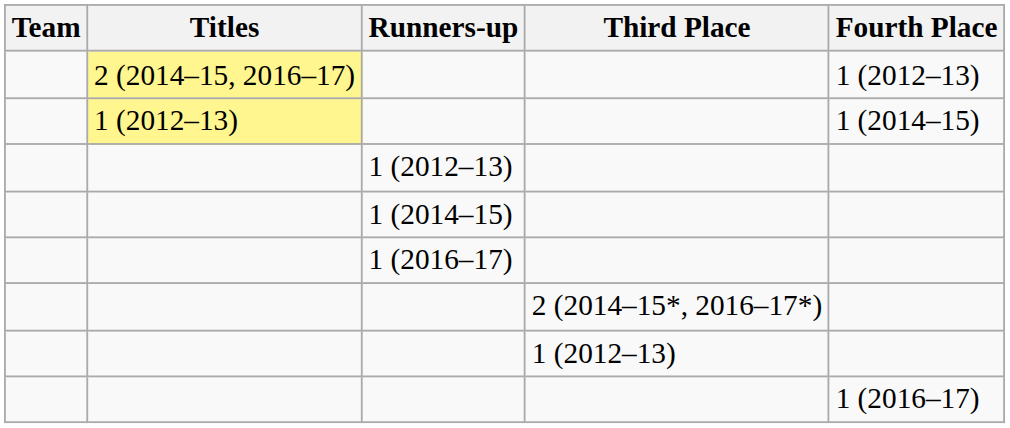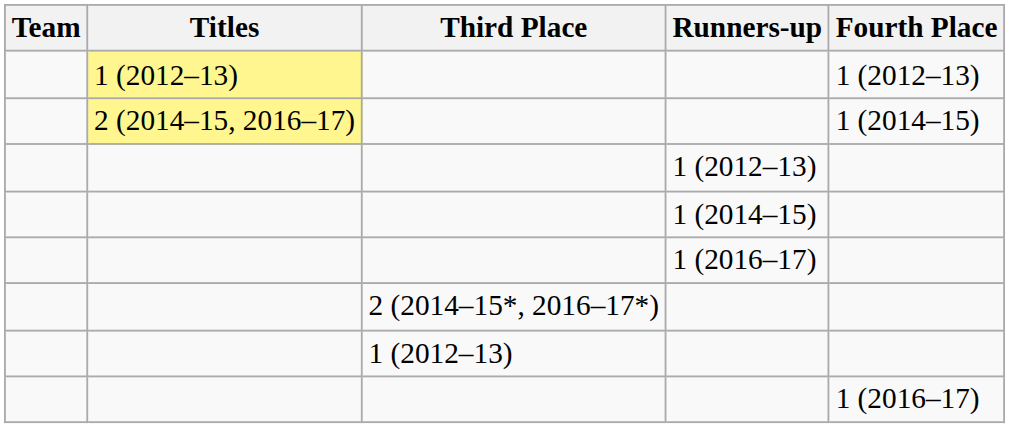 <table class=wikitable>
 <tr>
 <th>Team</th>
 <th>Titles</th>
+<th>Third Place</th>
 <th>Runners-up</th>
-<th>Third Place</th>
 <th>Fourth Place</th>
+</tr>
+<tr>
+<td></td>
+<td style=background:#FFF68F>1 (2012–13)</td>
+<td></td>
+<td></td>
+<td>1 (2012–13)</td>
 </tr>
 <tr>
 <td></td>
 <td style=background:#FFF68F>2 (2014–15, 2016–17)</td>
 <td></td>
 <td></td>
-<td>1 (2012–13)</td>
-</tr>
-<tr>
-<td></td>
-<td style=background:#FFF68F>1 (2012–13)</td>
-<td></td>
-<td></td>
 <td>1 (2014–15)</td>
-</tr>
-<tr>
-<td></td>
-<td></td>
-<td>1 (2012–13)</td>
-<td></td>
-<td></td>
-</tr>
-<tr>
-<td></td>
-<td></td>
-<td>1 (2014–15)</td>
-<td></td>
-<td></td>
-</tr>
-<tr>
-<td></td>
-<td></td>
-<td>1 (2016–17)</td>
-<td></td>
-<td></td>
-</tr>
-<tr>
-<td></td>
-<td></td>
-<td></td>
-<td>2 (2014–15*, 2016–17*)</td>
-<td></td>
 </tr>
 <tr>
 <td></td>
 <td></td>
 <td></td>
 <td>1 (2012–13)</td>
 <td></td>
 </tr>
 <tr>
 <td></td>
 <td></td>
 <td></td>
+<td>1 (2014–15)</td>
+<td></td>
+</tr>
+<tr>
+<td></td>
+<td></td>
+<td></td>
+<td>1 (2016–17)</td>
+<td></td>
+</tr>
+<tr>
+<td></td>
+<td></td>
+<td>2 (2014–15*, 2016–17*)</td>
+<td></td>
+<td></td>
+</tr>
+<tr>
+<td></td>
+<td></td>
+<td>1 (2012–13)</td>
+<td></td>
+<td></td>
+</tr>
+<tr>
+<td></td>
+<td></td>
+<td></td>
 <td></td>
 <td>1 (2016–17)</td>
 </tr>
 </table>
